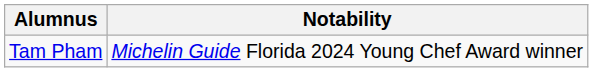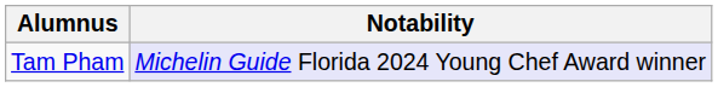 <table class="wikitable">
 <tr>
 <th>Alumnus</th>
 <th>Notability</th>
 </tr>
 <tr>
 <td><a href='#'>Tam Pham</a></td>
-<td><em><a href='#'>Michelin Guide</a></em> Florida 2024 Young Chef Award winner</td>
+<td style="background: lavender;"><em><a href='#'>Michelin Guide</a></em> Florida 2024 Young Chef Award winner</td>
 </tr>
 </table>
